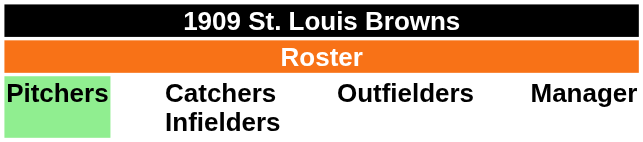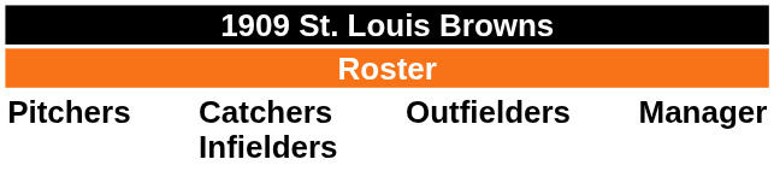 <table class="toccolours" style="font-size: 95%;">
 <tr>
 <th colspan="10" style="background-color: black; color: white; text-align: center;">1909 St. Louis Browns</th>
 </tr>
 <tr>
 <td colspan="10" style="background-color: #F87217; color: white; text-align: center;"><strong>Roster</strong></td>
 </tr>
 <tr>
-<td valign="top" style="background: lightgreen;"><strong>Pitchers</strong><br>            </td>
+<td valign="top"><strong>Pitchers</strong><br>            </td>
 <td width="25px"></td>
 <td valign="top"><strong>Catchers</strong><br>    <strong>Infielders</strong>      </td>
 <td width="25px"></td>
 <td valign="top"><strong>Outfielders</strong><br>        </td>
 <td width="25px"></td>
 <td valign="top"><strong>Manager</strong><br></td>
 </tr>
 </table>
